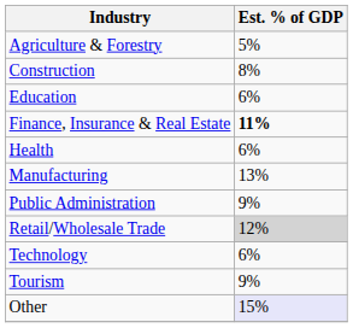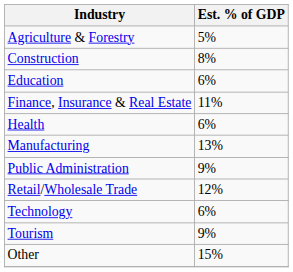 <table class="wikitable">
 <tr>
 <th>Industry</th>
 <th>Est. % of GDP</th>
 </tr>
 <tr>
 <td><a href='#'>Agriculture</a> & <a href='#'>Forestry</a></td>
 <td>5%</td>
 </tr>
 <tr>
 <td><a href='#'>Construction</a></td>
 <td>8%</td>
 </tr>
 <tr>
 <td><a href='#'>Education</a></td>
 <td>6%</td>
 </tr>
 <tr>
 <td><a href='#'>Finance</a>, <a href='#'>Insurance</a> & <a href='#'>Real Estate</a></td>
-<td><strong>11%</strong></td>
+<td>11%</td>
 </tr>
 <tr>
 <td><a href='#'>Health</a></td>
 <td>6%</td>
 </tr>
 <tr>
 <td><a href='#'>Manufacturing</a></td>
 <td>13%</td>
 </tr>
 <tr>
 <td><a href='#'>Public Administration</a></td>
 <td>9%</td>
 </tr>
 <tr>
 <td><a href='#'>Retail</a>/<a href='#'>Wholesale Trade</a></td>
-<td style="background: lightgrey;">12%</td>
+<td>12%</td>
 </tr>
 <tr>
 <td><a href='#'>Technology</a></td>
 <td>6%</td>
 </tr>
 <tr>
 <td><a href='#'>Tourism</a></td>
 <td>9%</td>
 </tr>
 <tr>
 <td>Other</td>
-<td style="background: lavender;">15%</td>
+<td>15%</td>
 </tr>
 <tr>
 </tr>
 </table>
